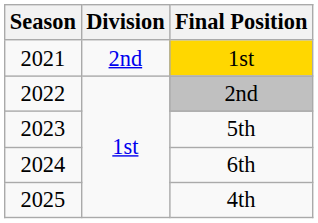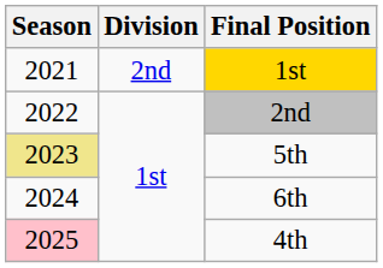 <table class="wikitable sortable">
 <tr>
 <th>Season</th>
 <th>Division</th>
 <th>Final Position</th>
 </tr>
 <tr>
 <td align=center>2021</td>
 <td align=center><a href='#'>2nd</a></td>
 <td align=center style="background:gold;">1st</td>
 </tr>
 <tr>
 <td align=center>2022</td>
 <td rowspan=4 align=center><a href='#'>1st</a></td>
 <td align=center style="background:silver;">2nd</td>
 </tr>
 <tr>
-<td align=center>2023</td>
+<td align=center style="background: khaki;">2023</td>
 <td align=center>5th</td>
 </tr>
 <tr>
 <td align=center>2024</td>
 <td align=center>6th</td>
 </tr>
 <tr>
-<td align=center>2025</td>
+<td align=center style="background: pink;">2025</td>
 <td align=center>4th</td>
 </tr>
 </table>
